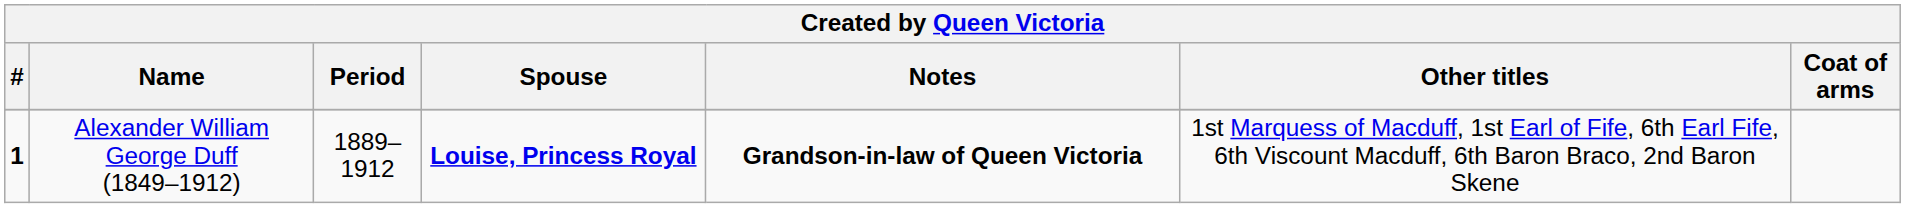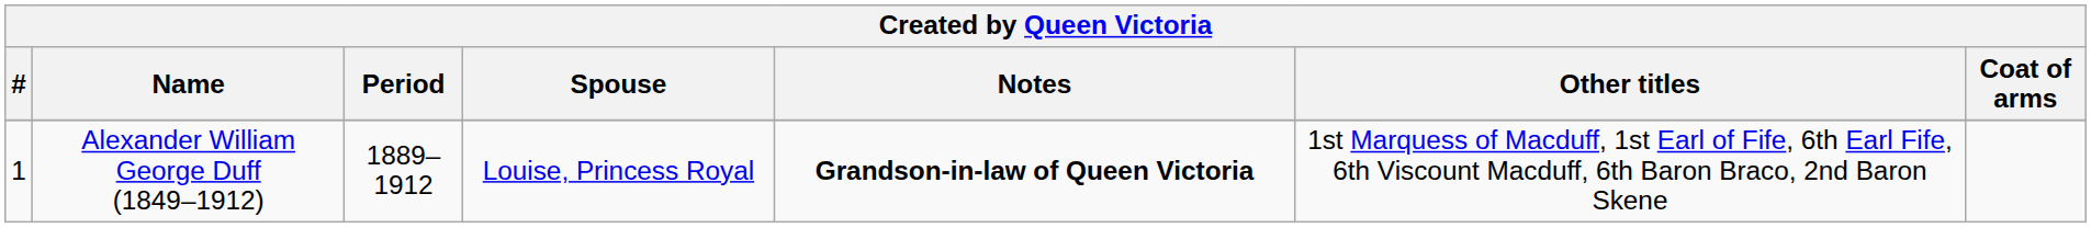 <table style="text-align:center;" class="wikitable">
 <tr>
 <th colspan="7">Created by <a href='#'>Queen Victoria</a></th>
 </tr>
 <tr>
 <th style="width:10%%">#</th>
 <th style="width:15%">Name</th>
 <th>Period</th>
 <th style="width:15%">Spouse</th>
 <th style="width:25%">Notes</th>
 <th>Other titles</th>
 <th>Coat of arms</th>
 </tr>
 <tr bgcolor="#dddddd" |>
 </tr>
 <tr>
-<td><strong>1</strong></td>
+<td>1</td>
 <td><a href='#'>Alexander William George Duff</a><br>(1849–1912)</td>
 <td>1889–1912</td>
-<td><strong><a href='#'>Louise, Princess Royal</a></strong></td>
+<td><a href='#'>Louise, Princess Royal</a></td>
 <td><strong>Grandson-in-law of Queen Victoria</strong></td>
 <td>1st <a href='#'>Marquess of Macduff</a>, 1st <a href='#'>Earl of Fife</a>, 6th <a href='#'>Earl Fife</a>, 6th Viscount Macduff, 6th Baron Braco, 2nd Baron Skene</td>
 <td></td>
 </tr>
 </table>
